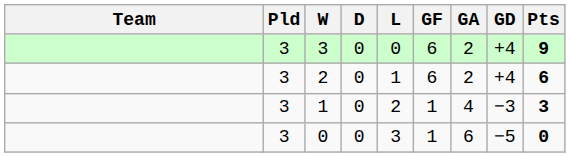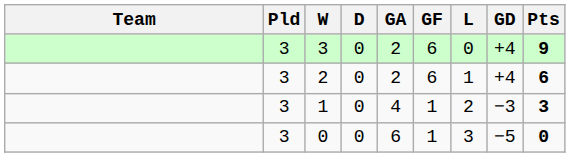 <table class="wikitable" style="text-align:center;">
 <tr>
 <th width=180>Team</th>
 <th width=20>Pld</th>
 <th width=20>W</th>
 <th width=20>D</th>
+<th width=20>GA</th>
+<th width=20>GF</th>
 <th width=20>L</th>
-<th width=20>GF</th>
-<th width=20>GA</th>
 <th width=20>GD</th>
 <th width=20>Pts</th>
 </tr>
 <tr bgcolor=#ccffcc>
 <td align="left"></td>
 <td>3</td>
 <td>3</td>
 <td>0</td>
+<td>2</td>
+<td>6</td>
 <td>0</td>
-<td>6</td>
-<td>2</td>
 <td>+4</td>
 <td><strong>9</strong></td>
 </tr>
 <tr>
 <td align="left"><em></em></td>
 <td>3</td>
 <td>2</td>
 <td>0</td>
+<td>2</td>
+<td>6</td>
 <td>1</td>
-<td>6</td>
-<td>2</td>
 <td>+4</td>
 <td><strong>6</strong></td>
 </tr>
 <tr>
 <td align="left"></td>
 <td>3</td>
 <td>1</td>
 <td>0</td>
+<td>4</td>
+<td>1</td>
 <td>2</td>
-<td>1</td>
-<td>4</td>
 <td>−3</td>
 <td><strong>3</strong></td>
 </tr>
 <tr>
 <td align="left"></td>
 <td>3</td>
 <td>0</td>
 <td>0</td>
+<td>6</td>
+<td>1</td>
 <td>3</td>
-<td>1</td>
-<td>6</td>
 <td>−5</td>
 <td><strong>0</strong></td>
 </tr>
 </table>
